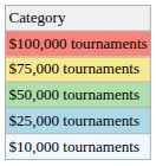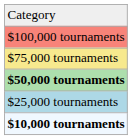 <table class=wikitable style=font-size:90%;>
 <tr>
 <td style="background:#efefef;">Category</td>
 </tr>
 <tr style="background:#f88379;">
 <td>$100,000 tournaments</td>
 </tr>
 <tr style="background:#f7e98e;">
 <td>$75,000 tournaments</td>
 </tr>
 <tr style="background:#addfad;">
-<td>$50,000 tournaments</td>
+<td><strong>$50,000 tournaments</strong></td>
 </tr>
 <tr style="background:lightblue;">
 <td>$25,000 tournaments</td>
 </tr>
 <tr style="background:#f0f8ff;">
-<td>$10,000 tournaments</td>
+<td><strong>$10,000 tournaments</strong></td>
 </tr>
 </table>
